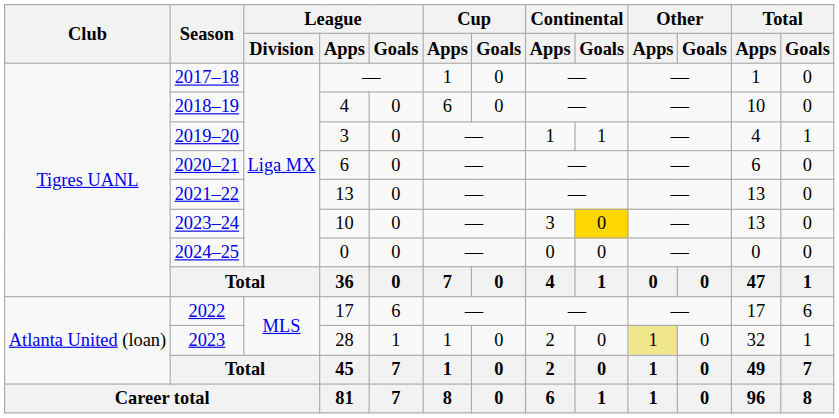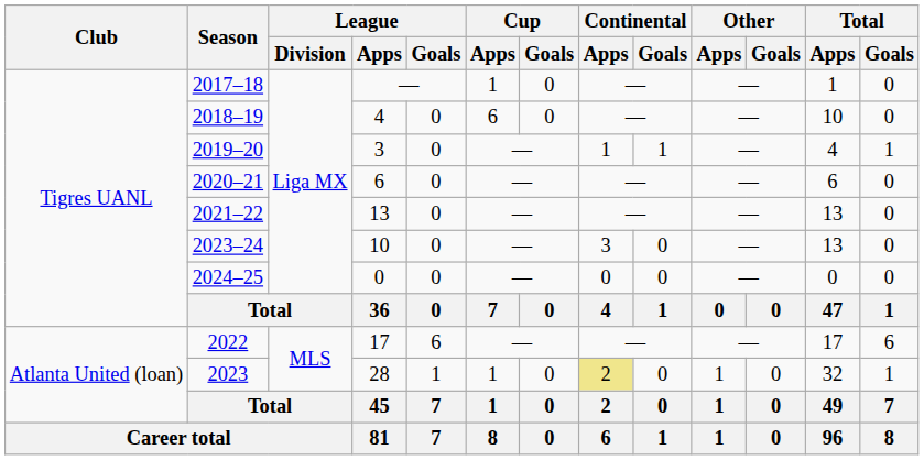 <table class="wikitable" style="text-align: center">
 <tr>
 <th rowspan="2">Club</th>
 <th rowspan="2">Season</th>
 <th colspan="3">League</th>
 <th colspan="2">Cup</th>
 <th colspan="2">Continental</th>
 <th colspan="2">Other</th>
 <th colspan="2">Total</th>
 </tr>
 <tr>
 <th>Division</th>
 <th>Apps</th>
 <th>Goals</th>
 <th>Apps</th>
 <th>Goals</th>
 <th>Apps</th>
 <th>Goals</th>
 <th>Apps</th>
 <th>Goals</th>
 <th>Apps</th>
 <th>Goals</th>
 </tr>
 <tr>
 <td rowspan="8"><a href='#'>Tigres UANL</a></td>
 <td><a href='#'>2017–18</a></td>
 <td rowspan="7"><a href='#'>Liga MX</a></td>
 <td colspan=2>—</td>
 <td>1</td>
 <td>0</td>
 <td colspan=2>—</td>
 <td colspan=2>—</td>
 <td>1</td>
 <td>0</td>
 </tr>
 <tr>
 <td><a href='#'>2018–19</a></td>
 <td>4</td>
 <td>0</td>
 <td>6</td>
 <td>0</td>
 <td colspan=2>—</td>
 <td colspan=2>—</td>
 <td>10</td>
 <td>0</td>
 </tr>
 <tr>
 <td><a href='#'>2019–20</a></td>
 <td>3</td>
 <td>0</td>
 <td colspan=2>—</td>
 <td>1</td>
 <td>1</td>
 <td colspan=2>—</td>
 <td>4</td>
 <td>1</td>
 </tr>
 <tr>
 <td><a href='#'>2020–21</a></td>
 <td>6</td>
 <td>0</td>
 <td colspan=2>—</td>
 <td colspan=2>—</td>
 <td colspan=2>—</td>
 <td>6</td>
 <td>0</td>
 </tr>
 <tr>
 <td><a href='#'>2021–22</a></td>
 <td>13</td>
 <td>0</td>
 <td colspan=2>—</td>
 <td colspan=2>—</td>
 <td colspan=2>—</td>
 <td>13</td>
 <td>0</td>
 </tr>
 <tr>
 <td><a href='#'>2023–24</a></td>
 <td>10</td>
 <td>0</td>
 <td colspan=2>—</td>
 <td>3</td>
-<td style="background: gold;">0</td>
+<td>0</td>
 <td colspan=2>—</td>
 <td>13</td>
 <td>0</td>
 </tr>
 <tr>
 <td><a href='#'>2024–25</a></td>
 <td>0</td>
 <td>0</td>
 <td colspan=2>—</td>
 <td>0</td>
 <td>0</td>
 <td colspan=2>—</td>
 <td>0</td>
 <td>0</td>
 </tr>
 <tr>
 <th colspan="2">Total</th>
 <th>36</th>
 <th>0</th>
 <th>7</th>
 <th>0</th>
 <th>4</th>
 <th>1</th>
 <th>0</th>
 <th>0</th>
 <th>47</th>
 <th>1</th>
 </tr>
 <tr>
 <td rowspan="3"><a href='#'>Atlanta United</a> (loan)</td>
 <td><a href='#'>2022</a></td>
 <td rowspan="2"><a href='#'>MLS</a></td>
 <td>17</td>
 <td>6</td>
 <td colspan=2>—</td>
 <td colspan=2>—</td>
 <td colspan=2>—</td>
 <td>17</td>
 <td>6</td>
 </tr>
 <tr>
 <td><a href='#'>2023</a></td>
 <td>28</td>
 <td>1</td>
 <td>1</td>
 <td>0</td>
-<td>2</td>
+<td style="background: khaki;">2</td>
 <td>0</td>
-<td style="background: khaki;">1</td>
+<td>1</td>
 <td>0</td>
 <td>32</td>
 <td>1</td>
 </tr>
 <tr>
 <th colspan="2">Total</th>
 <th>45</th>
 <th>7</th>
 <th>1</th>
 <th>0</th>
 <th>2</th>
 <th>0</th>
 <th>1</th>
 <th>0</th>
 <th>49</th>
 <th>7</th>
 </tr>
 <tr>
 <th colspan="3"><strong>Career total</strong></th>
 <th>81</th>
 <th>7</th>
 <th>8</th>
 <th>0</th>
 <th>6</th>
 <th>1</th>
 <th>1</th>
 <th>0</th>
 <th>96</th>
 <th>8</th>
 </tr>
 </table>
